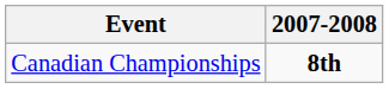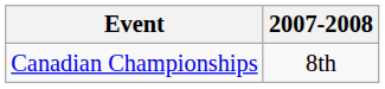 <table class="wikitable">
 <tr>
 <th>Event</th>
 <th>2007-2008</th>
 </tr>
 <tr>
 <td><a href='#'>Canadian Championships</a></td>
-<td align="center"><strong>8th</strong></td>
+<td align="center">8th</td>
 </tr>
 </table>
